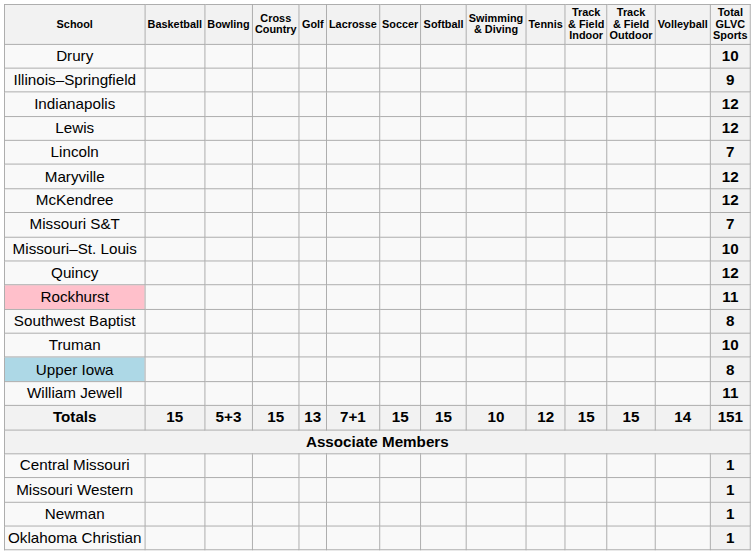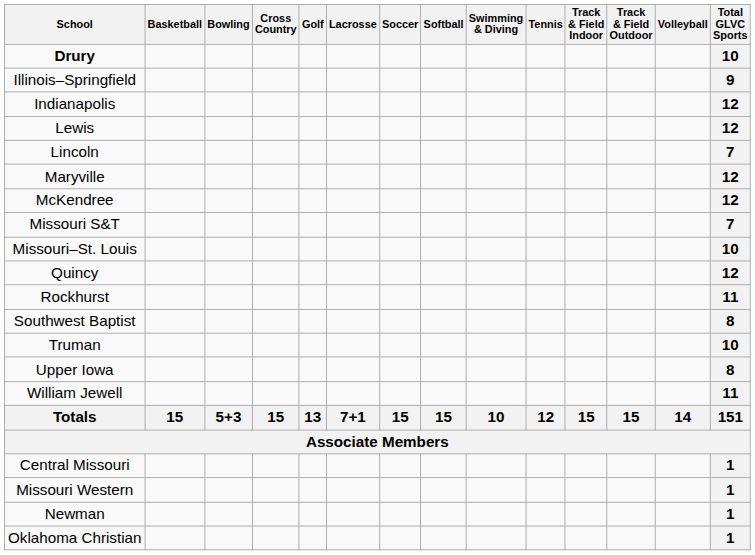 <table class="wikitable" style="text-align:center">
 <tr style="font-size:8.6pt">
 <th>School</th>
 <th>Basketball</th>
 <th>Bowling</th>
 <th>Cross<br>Country</th>
 <th>Golf</th>
 <th>Lacrosse</th>
 <th>Soccer</th>
 <th>Softball</th>
 <th>Swimming<br>& Diving</th>
 <th>Tennis</th>
 <th>Track<br>& Field<br>Indoor</th>
 <th>Track<br>& Field<br>Outdoor</th>
 <th>Volleyball</th>
 <th>Total<br>GLVC<br>Sports</th>
 </tr>
 <tr>
-<td>Drury</td>
+<td><strong>Drury</strong></td>
 <td></td>
 <td></td>
 <td></td>
 <td></td>
 <td></td>
 <td></td>
 <td></td>
 <td></td>
 <td></td>
 <td></td>
 <td></td>
 <td></td>
 <th>10</th>
 </tr>
 <tr>
 <td>Illinois–Springfield</td>
 <td></td>
 <td></td>
 <td></td>
 <td></td>
 <td></td>
 <td></td>
 <td></td>
 <td></td>
 <td></td>
 <td></td>
 <td></td>
 <td></td>
 <th>9</th>
 </tr>
 <tr>
 <td>Indianapolis</td>
 <td></td>
 <td></td>
 <td></td>
 <td></td>
 <td></td>
 <td></td>
 <td></td>
 <td></td>
 <td></td>
 <td></td>
 <td></td>
 <td></td>
 <th>12</th>
 </tr>
 <tr>
 <td>Lewis</td>
 <td></td>
 <td></td>
 <td></td>
 <td></td>
 <td></td>
 <td></td>
 <td></td>
 <td></td>
 <td></td>
 <td></td>
 <td></td>
 <td></td>
 <th>12</th>
 </tr>
 <tr>
 <td>Lincoln</td>
 <td></td>
 <td></td>
 <td></td>
 <td></td>
 <td></td>
 <td></td>
 <td></td>
 <td></td>
 <td></td>
 <td></td>
 <td></td>
 <td></td>
 <th>7</th>
 </tr>
 <tr>
 <td>Maryville</td>
 <td></td>
 <td></td>
 <td></td>
 <td></td>
 <td></td>
 <td></td>
 <td></td>
 <td></td>
 <td></td>
 <td></td>
 <td></td>
 <td></td>
 <th>12</th>
 </tr>
 <tr>
 <td>McKendree</td>
 <td></td>
 <td></td>
 <td></td>
 <td></td>
 <td></td>
 <td></td>
 <td></td>
 <td></td>
 <td></td>
 <td></td>
 <td></td>
 <td></td>
 <th>12</th>
 </tr>
 <tr>
 <td>Missouri S&T</td>
 <td></td>
 <td></td>
 <td></td>
 <td></td>
 <td></td>
 <td></td>
 <td></td>
 <td></td>
 <td></td>
 <td></td>
 <td></td>
 <td></td>
 <th>7</th>
 </tr>
 <tr>
 <td>Missouri–St. Louis</td>
 <td></td>
 <td></td>
 <td></td>
 <td></td>
 <td></td>
 <td></td>
 <td></td>
 <td></td>
 <td></td>
 <td></td>
 <td></td>
 <td></td>
 <th>10</th>
 </tr>
 <tr>
 <td>Quincy</td>
 <td></td>
 <td></td>
 <td></td>
 <td></td>
 <td></td>
 <td></td>
 <td></td>
 <td></td>
 <td></td>
 <td></td>
 <td></td>
 <td></td>
 <th>12</th>
 </tr>
 <tr>
-<td style="background: pink;">Rockhurst</td>
+<td>Rockhurst</td>
 <td></td>
 <td></td>
 <td></td>
 <td></td>
 <td></td>
 <td></td>
 <td></td>
 <td></td>
 <td></td>
 <td></td>
 <td></td>
 <td></td>
 <th>11</th>
 </tr>
 <tr>
 <td>Southwest Baptist</td>
 <td></td>
 <td></td>
 <td></td>
 <td></td>
 <td></td>
 <td></td>
 <td></td>
 <td></td>
 <td></td>
 <td></td>
 <td></td>
 <td></td>
 <th>8</th>
 </tr>
 <tr>
 <td>Truman</td>
 <td></td>
 <td></td>
 <td></td>
 <td></td>
 <td></td>
 <td></td>
 <td></td>
 <td></td>
 <td></td>
 <td></td>
 <td></td>
 <td></td>
 <th>10</th>
 </tr>
 <tr>
-<td style="background: lightblue;">Upper Iowa</td>
+<td>Upper Iowa</td>
 <td></td>
 <td></td>
 <td></td>
 <td></td>
 <td></td>
 <td></td>
 <td></td>
 <td></td>
 <td></td>
 <td></td>
 <td></td>
 <td></td>
 <th>8</th>
 </tr>
 <tr>
 <td>William Jewell</td>
 <td></td>
 <td></td>
 <td></td>
 <td></td>
 <td></td>
 <td></td>
 <td></td>
 <td></td>
 <td></td>
 <td></td>
 <td></td>
 <td></td>
 <th>11</th>
 </tr>
 <tr>
 <th>Totals</th>
 <th>15</th>
 <th>5+3</th>
 <th>15</th>
 <th>13</th>
 <th>7+1</th>
 <th>15</th>
 <th>15</th>
 <th>10</th>
 <th>12</th>
 <th>15</th>
 <th>15</th>
 <th>14</th>
 <th>151</th>
 </tr>
 <tr>
 <th colspan=14>Associate Members</th>
 </tr>
 <tr>
 <td>Central Missouri</td>
 <td></td>
 <td></td>
 <td></td>
 <td></td>
 <td></td>
 <td></td>
 <td></td>
 <td></td>
 <td></td>
 <td></td>
 <td></td>
 <td></td>
 <th>1</th>
 </tr>
 <tr>
 <td>Missouri Western</td>
 <td></td>
 <td></td>
 <td></td>
 <td></td>
 <td></td>
 <td></td>
 <td></td>
 <td></td>
 <td></td>
 <td></td>
 <td></td>
 <td></td>
 <th>1</th>
 </tr>
 <tr>
 <td>Newman</td>
 <td></td>
 <td></td>
 <td></td>
 <td></td>
 <td></td>
 <td></td>
 <td></td>
 <td></td>
 <td></td>
 <td></td>
 <td></td>
 <td></td>
 <th>1</th>
 </tr>
 <tr>
 <td> Oklahoma Christian</td>
 <td></td>
 <td></td>
 <td></td>
 <td></td>
 <td></td>
 <td></td>
 <td></td>
 <td></td>
 <td></td>
 <td></td>
 <td></td>
 <td></td>
 <th>1</th>
 </tr>
 </table>
